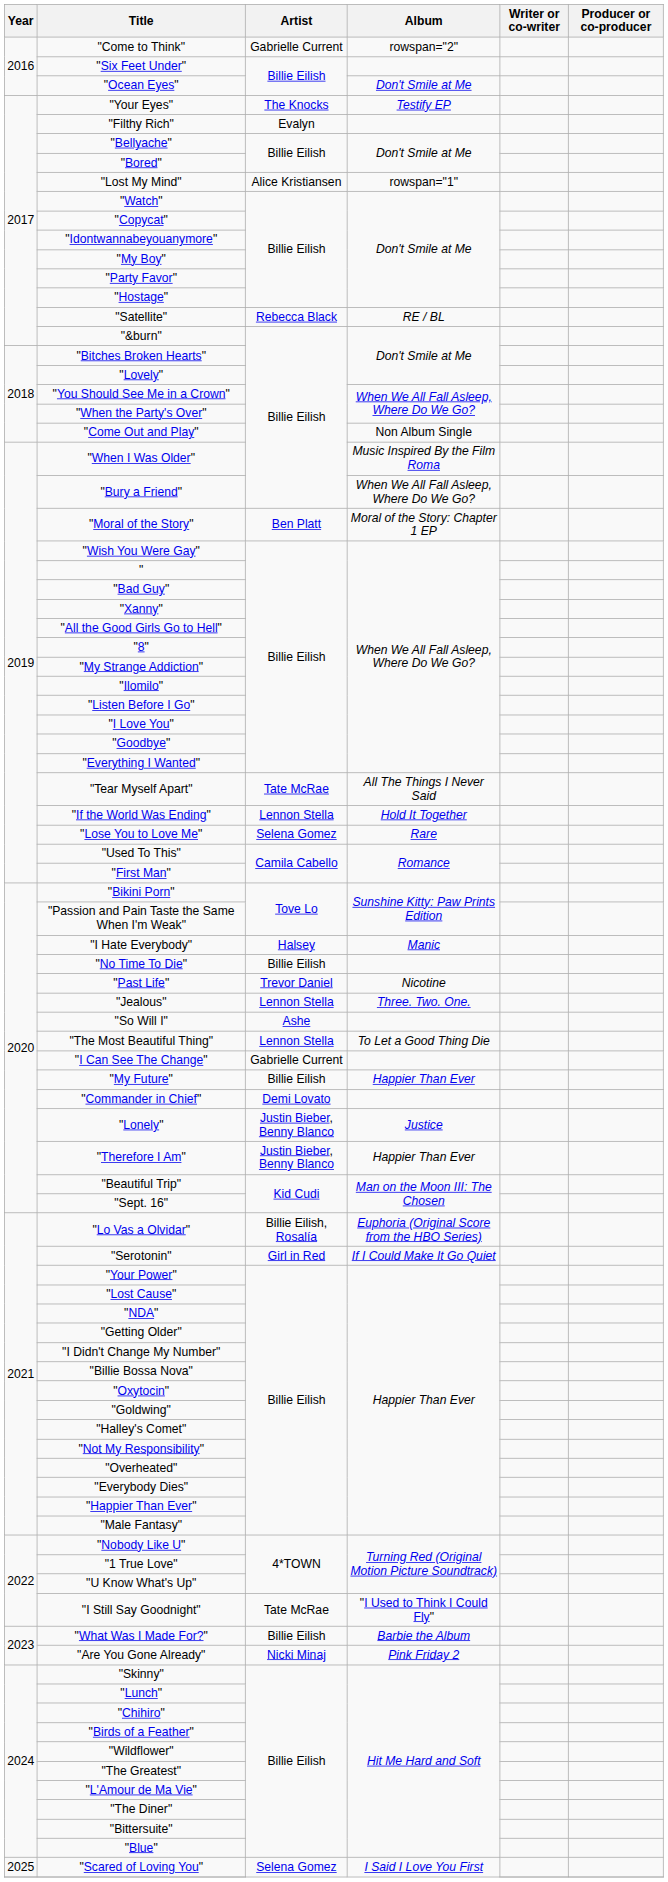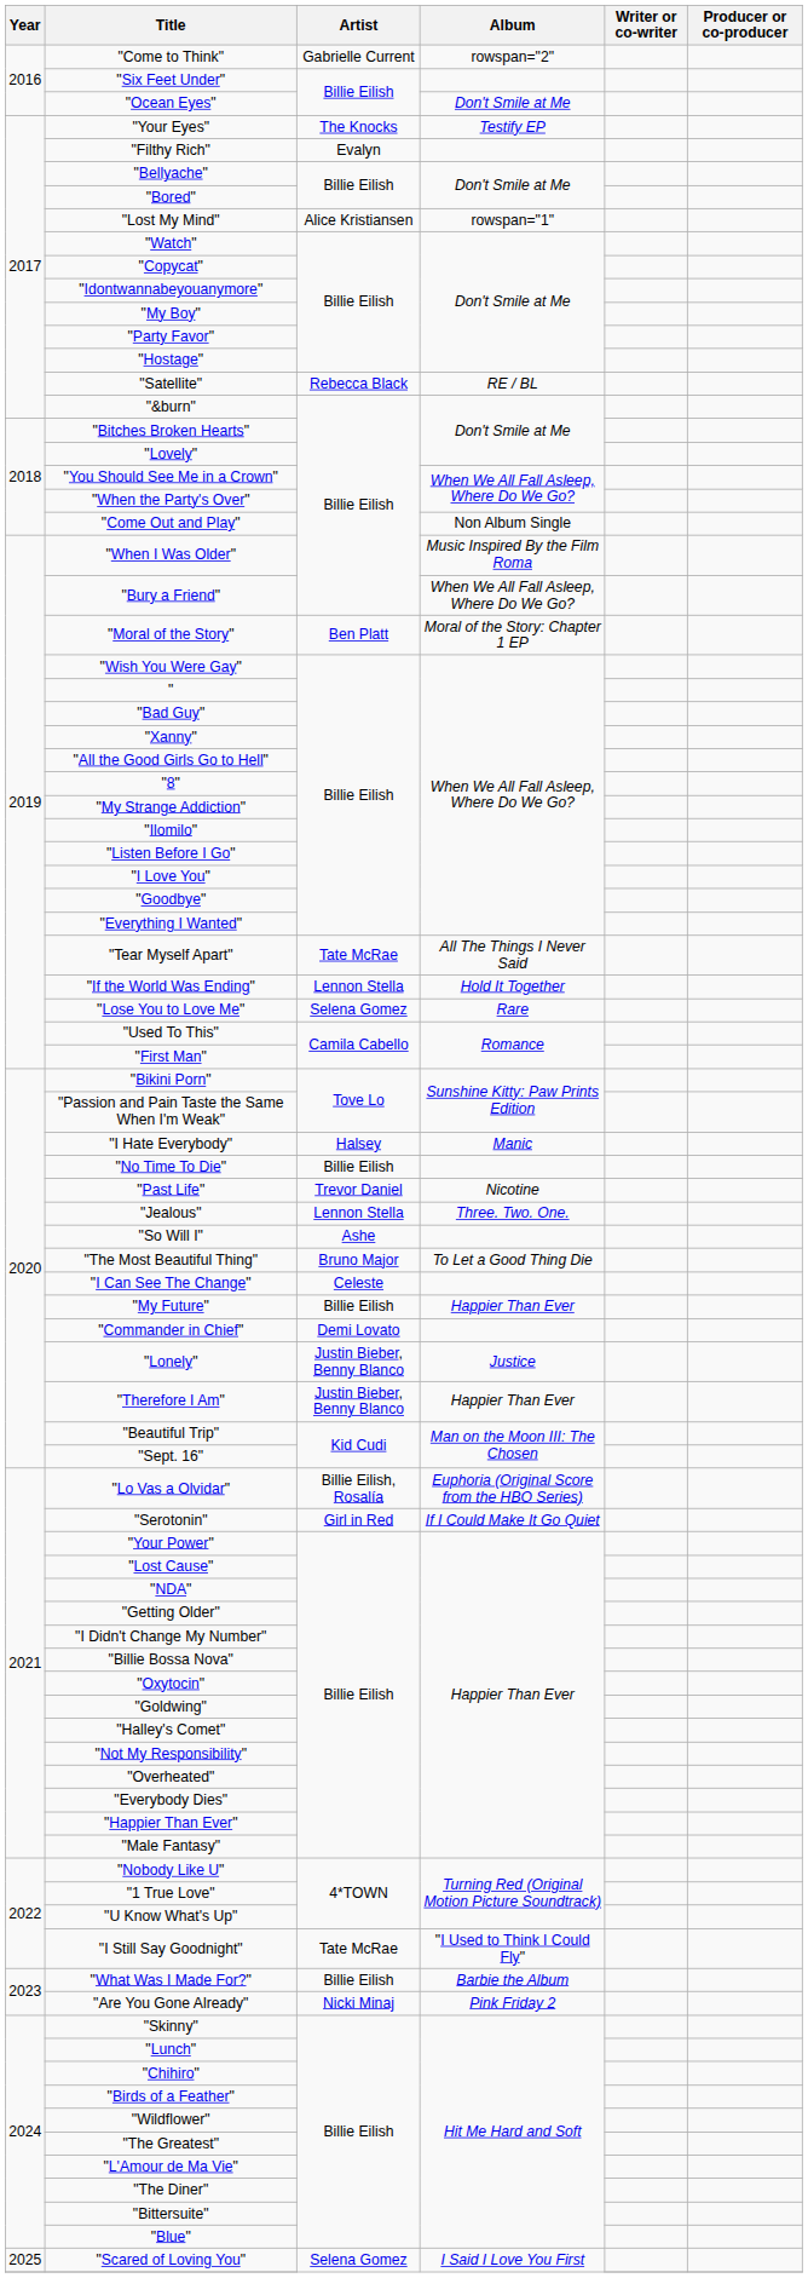 <table class="wikitable plainrowheaders" style="text-align:center;">
 <tr>
 <th>Year</th>
 <th>Title</th>
 <th>Artist</th>
 <th>Album</th>
 <th>Writer or co-writer</th>
 <th>Producer or co-producer</th>
 </tr>
 <tr>
 <td rowspan="3">2016</td>
 <td scope="row">"Come to Think"</td>
 <td>Gabrielle Current</td>
 <td>rowspan="2" </td>
 <td></td>
 <td></td>
 </tr>
 <tr>
 <td scope="row">"<a href='#'>Six Feet Under</a>"</td>
 <td rowspan="2"><a href='#'>Billie Eilish</a></td>
 <td></td>
 <td></td>
 </tr>
 <tr>
 <td scope="row">"<a href='#'>Ocean Eyes</a>"</td>
 <td><em><a href='#'>Don't Smile at Me</a></em></td>
 <td></td>
 <td></td>
 </tr>
 <tr>
 <td rowspan="13">2017</td>
 <td scope="row">"Your Eyes"<br></td>
 <td><a href='#'>The Knocks</a></td>
 <td><em><a href='#'>Testify EP</a></em></td>
 <td></td>
 <td></td>
 </tr>
 <tr>
 <td scope="row">"Filthy Rich"</td>
 <td>Evalyn</td>
 <td></td>
 <td></td>
 <td></td>
 </tr>
 <tr>
 <td scope="row">"<a href='#'>Bellyache</a>"</td>
 <td rowspan="2">Billie Eilish</td>
 <td rowspan="2"><em>Don't Smile at Me</em></td>
 <td></td>
 <td></td>
 </tr>
 <tr>
 <td scope="row">"<a href='#'>Bored</a>"</td>
 <td></td>
 <td></td>
 </tr>
 <tr>
 <td scope="row">"Lost My Mind"</td>
 <td>Alice Kristiansen</td>
 <td>rowspan="1" </td>
 <td></td>
 <td></td>
 </tr>
 <tr>
 <td scope="row">"<a href='#'>Watch</a>"</td>
 <td rowspan="6">Billie Eilish</td>
 <td rowspan="6"><em>Don't Smile at Me</em></td>
 <td></td>
 <td></td>
 </tr>
 <tr>
 <td scope="row">"<a href='#'>Copycat</a>"</td>
 <td></td>
 <td></td>
 </tr>
 <tr>
 <td scope="row">"<a href='#'>Idontwannabeyouanymore</a>"</td>
 <td></td>
 <td></td>
 </tr>
 <tr>
 <td scope="row">"<a href='#'>My Boy</a>"</td>
 <td></td>
 <td></td>
 </tr>
 <tr>
 <td scope="row">"<a href='#'>Party Favor</a>"</td>
 <td></td>
 <td></td>
 </tr>
 <tr>
 <td scope="row">"<a href='#'>Hostage</a>"</td>
 <td></td>
 <td></td>
 </tr>
 <tr>
 <td scope="row">"Satellite"</td>
 <td><a href='#'>Rebecca Black</a></td>
 <td><em>RE / BL</em></td>
 <td></td>
 <td></td>
 </tr>
 <tr>
 <td scope="row">"&burn"<br></td>
 <td rowspan="8">Billie Eilish</td>
 <td rowspan="3"><em>Don't Smile at Me</em></td>
 <td></td>
 <td></td>
 </tr>
 <tr>
 <td rowspan="5">2018</td>
 <td scope="row">"<a href='#'>Bitches Broken Hearts</a>"</td>
 <td></td>
 <td></td>
 </tr>
 <tr>
 <td scope="row">"<a href='#'>Lovely</a>"<br></td>
 <td></td>
 <td></td>
 </tr>
 <tr>
 <td scope="row">"<a href='#'>You Should See Me in a Crown</a>"</td>
 <td rowspan="2"><em><a href='#'>When We All Fall Asleep, Where Do We Go?</a></em></td>
 <td></td>
 <td></td>
 </tr>
 <tr>
 <td scope="row">"<a href='#'>When the Party's Over</a>"</td>
 <td></td>
 <td></td>
 </tr>
 <tr>
 <td scope="row">"<a href='#'>Come Out and Play</a>"</td>
 <td>Non Album Single</td>
 <td></td>
 <td></td>
 </tr>
 <tr>
 <td rowspan="20">2019</td>
 <td scope="row">"<a href='#'>When I Was Older</a>"</td>
 <td><em>Music Inspired By the Film <a href='#'>Roma</a></em></td>
 <td></td>
 <td></td>
 </tr>
 <tr>
 <td scope="row">"<a href='#'>Bury a Friend</a>"</td>
 <td><em>When We All Fall Asleep, Where Do We Go?</em></td>
 <td></td>
 <td></td>
 </tr>
 <tr>
 <td scope="row">"<a href='#'>Moral of the Story</a>"</td>
 <td><a href='#'>Ben Platt</a></td>
 <td><em>Moral of the Story: Chapter 1 EP</em></td>
 <td></td>
 <td></td>
 </tr>
 <tr>
 <td scope="row">"<a href='#'>Wish You Were Gay</a>"</td>
 <td rowspan="12">Billie Eilish</td>
 <td rowspan="12"><em>When We All Fall Asleep, Where Do We Go?</em></td>
 <td></td>
 <td></td>
 </tr>
 <tr>
 <td scope="row">"</td>
 <td></td>
 <td></td>
 </tr>
 <tr>
 <td scope="row">"<a href='#'>Bad Guy</a>"</td>
 <td></td>
 <td></td>
 </tr>
 <tr>
 <td scope="row">"<a href='#'>Xanny</a>"</td>
 <td></td>
 <td></td>
 </tr>
 <tr>
 <td scope="row">"<a href='#'>All the Good Girls Go to Hell</a>"</td>
 <td></td>
 <td></td>
 </tr>
 <tr>
 <td scope="row">"<a href='#'>8</a>"</td>
 <td></td>
 <td></td>
 </tr>
 <tr>
 <td scope="row">"<a href='#'>My Strange Addiction</a>"</td>
 <td></td>
 <td></td>
 </tr>
 <tr>
 <td scope="row">"<a href='#'>Ilomilo</a>"</td>
 <td></td>
 <td></td>
 </tr>
 <tr>
 <td scope="row">"<a href='#'>Listen Before I Go</a>"</td>
 <td></td>
 <td></td>
 </tr>
 <tr>
 <td scope="row">"<a href='#'>I Love You</a>"</td>
 <td></td>
 <td></td>
 </tr>
 <tr>
 <td scope="row">"<a href='#'>Goodbye</a>"</td>
 <td></td>
 <td></td>
 </tr>
 <tr>
 <td>"<a href='#'>Everything I Wanted</a>"</td>
 <td></td>
 <td></td>
 </tr>
 <tr>
 <td>"Tear Myself Apart"</td>
 <td><a href='#'>Tate McRae</a></td>
 <td><em>All The Things I Never Said</em></td>
 <td></td>
 <td></td>
 </tr>
 <tr>
 <td scope="row">"<a href='#'>If the World Was Ending</a>"<br></td>
 <td><a href='#'>Lennon Stella</a></td>
 <td><em><a href='#'>Hold It Together</a></em></td>
 <td></td>
 <td></td>
 </tr>
 <tr>
 <td scope="row">"<a href='#'>Lose You to Love Me</a>"</td>
 <td><a href='#'>Selena Gomez</a></td>
 <td><em><a href='#'>Rare</a></em></td>
 <td></td>
 <td></td>
 </tr>
 <tr>
 <td scope="row">"Used To This"</td>
 <td rowspan="2"><a href='#'>Camila Cabello</a></td>
 <td rowspan="2"><em><a href='#'>Romance</a></em></td>
 <td></td>
 <td></td>
 </tr>
 <tr>
 <td scope="row">"<a href='#'>First Man</a>"</td>
 <td></td>
 <td></td>
 </tr>
 <tr>
 <td rowspan="15">2020</td>
 <td scope="row">"<a href='#'>Bikini Porn</a>"</td>
 <td rowspan="2"><a href='#'>Tove Lo</a></td>
 <td rowspan="2"><em><a href='#'>Sunshine Kitty: Paw Prints Edition</a></em></td>
 <td></td>
 <td></td>
 </tr>
 <tr>
 <td scope="row">"Passion and Pain Taste the Same When I'm Weak"</td>
 <td></td>
 <td></td>
 </tr>
 <tr>
 <td scope="row">"I Hate Everybody"</td>
 <td><a href='#'>Halsey</a></td>
 <td><em><a href='#'>Manic</a></em></td>
 <td></td>
 <td></td>
 </tr>
 <tr>
 <td scope="row">"<a href='#'>No Time To Die</a>"</td>
 <td>Billie Eilish</td>
 <td></td>
 <td></td>
 <td></td>
 </tr>
 <tr>
 <td scope="row">"<a href='#'>Past Life</a>"</td>
 <td><a href='#'>Trevor Daniel</a></td>
 <td><em>Nicotine</em></td>
 <td></td>
 <td></td>
 </tr>
 <tr>
 <td scope="row">"Jealous"</td>
 <td><a href='#'>Lennon Stella</a></td>
 <td><em><a href='#'>Three. Two. One.</a></em></td>
 <td></td>
 <td></td>
 </tr>
 <tr>
 <td>"So Will I"</td>
 <td><a href='#'>Ashe</a></td>
 <td></td>
 <td></td>
 <td></td>
 </tr>
 <tr>
 <td>"The Most Beautiful Thing"</td>
-<td><a href='#'>Lennon Stella</a></td>
+<td><a href='#'>Bruno Major</a></td>
 <td><em>To Let a Good Thing Die</em></td>
 <td></td>
 <td></td>
 </tr>
 <tr>
 <td>"<a href='#'>I Can See The Change</a>"</td>
-<td>Gabrielle Current</td>
+<td><a href='#'>Celeste</a></td>
 <td></td>
 <td></td>
 <td></td>
 </tr>
 <tr>
 <td>"<a href='#'>My Future</a>"</td>
 <td>Billie Eilish</td>
 <td><em><a href='#'>Happier Than Ever</a></em></td>
 <td></td>
 <td></td>
 </tr>
 <tr>
 <td>"<a href='#'>Commander in Chief</a>"</td>
 <td><a href='#'>Demi Lovato</a></td>
 <td></td>
 <td></td>
 <td></td>
 </tr>
 <tr>
 <td>"<a href='#'>Lonely</a>"</td>
 <td><a href='#'>Justin Bieber</a>, <a href='#'>Benny Blanco</a></td>
 <td><em><a href='#'>Justice</a></em></td>
 <td></td>
 <td></td>
 </tr>
 <tr>
 <td>"<a href='#'>Therefore I Am</a>"</td>
 <td><a href='#'>Justin Bieber</a>, <a href='#'>Benny Blanco</a></td>
 <td><em>Happier Than Ever</em></td>
 <td></td>
 <td></td>
 </tr>
 <tr>
 <td>"Beautiful Trip"</td>
 <td rowspan="2"><a href='#'>Kid Cudi</a></td>
 <td rowspan="2"><em><a href='#'>Man on the Moon III: The Chosen</a></em></td>
 <td></td>
 <td></td>
 </tr>
 <tr>
 <td>"Sept. 16"</td>
 <td></td>
 <td></td>
 </tr>
 <tr>
 <td rowspan="16">2021</td>
 <td>"<a href='#'>Lo Vas a Olvidar</a>"</td>
 <td>Billie Eilish, <a href='#'>Rosalía</a></td>
 <td><em><a href='#'>Euphoria (Original Score from the HBO Series)</a></em></td>
 <td></td>
 <td></td>
 </tr>
 <tr>
 <td>"Serotonin"</td>
 <td><a href='#'>Girl in Red</a></td>
 <td><em><a href='#'>If I Could Make It Go Quiet</a></em></td>
 <td></td>
 <td></td>
 </tr>
 <tr>
 <td scope="row">"<a href='#'>Your Power</a>"</td>
 <td rowspan="14">Billie Eilish</td>
 <td rowspan="14"><em>Happier Than Ever</em></td>
 <td></td>
 <td></td>
 </tr>
 <tr>
 <td scope="row">"<a href='#'>Lost Cause</a>"</td>
 <td></td>
 <td></td>
 </tr>
 <tr>
 <td scope="row">"<a href='#'>NDA</a>"</td>
 <td></td>
 <td></td>
 </tr>
 <tr>
 <td scope="row">"Getting Older"</td>
 <td></td>
 <td></td>
 </tr>
 <tr>
 <td scope="row">"I Didn't Change My Number"</td>
 <td></td>
 <td></td>
 </tr>
 <tr>
 <td scope="row">"Billie Bossa Nova"</td>
 <td></td>
 <td></td>
 </tr>
 <tr>
 <td scope="row">"<a href='#'>Oxytocin</a>"</td>
 <td></td>
 <td></td>
 </tr>
 <tr>
 <td scope="row">"Goldwing"</td>
 <td></td>
 <td></td>
 </tr>
 <tr>
 <td scope="row">"Halley's Comet"</td>
 <td></td>
 <td></td>
 </tr>
 <tr>
 <td scope="row">"<a href='#'>Not My Responsibility</a>"</td>
 <td></td>
 <td></td>
 </tr>
 <tr>
 <td scope="row">"Overheated"</td>
 <td></td>
 <td></td>
 </tr>
 <tr>
 <td scope="row">"Everybody Dies"</td>
 <td></td>
 <td></td>
 </tr>
 <tr>
 <td scope="row">"<a href='#'>Happier Than Ever</a>"</td>
 <td></td>
 <td></td>
 </tr>
 <tr>
 <td scope="row">"Male Fantasy"</td>
 <td></td>
 <td></td>
 </tr>
 <tr>
 <td rowspan="4">2022</td>
 <td scope="row">"<a href='#'>Nobody Like U</a>"</td>
 <td rowspan="3">4*TOWN</td>
 <td rowspan="3"><em><a href='#'>Turning Red (Original Motion Picture Soundtrack)</a></em></td>
 <td></td>
 <td></td>
 </tr>
 <tr>
 <td scope="row">"1 True Love"</td>
 <td></td>
 <td></td>
 </tr>
 <tr>
 <td scope="row">"U Know What's Up"</td>
 <td></td>
 <td></td>
 </tr>
 <tr>
 <td scope="row">"I Still Say Goodnight"</td>
 <td rowspan="1">Tate McRae</td>
 <td rowspan="1">"<a href='#'>I Used to Think I Could Fly</a>"</td>
 <td></td>
 <td></td>
 </tr>
 <tr>
 <td rowspan="2">2023</td>
 <td>"<a href='#'>What Was I Made For?</a>"</td>
 <td>Billie Eilish</td>
 <td><em><a href='#'>Barbie the Album</a></em></td>
 <td></td>
 <td></td>
 </tr>
 <tr>
 <td>"Are You Gone Already"</td>
 <td><a href='#'>Nicki Minaj</a></td>
 <td><em><a href='#'>Pink Friday 2</a></em></td>
 <td></td>
 <td></td>
 </tr>
 <tr>
 <td rowspan="10">2024</td>
 <td scope="row">"Skinny"</td>
 <td rowspan="10">Billie Eilish</td>
 <td rowspan="10"><em><a href='#'>Hit Me Hard and Soft</a></em></td>
 <td></td>
 <td></td>
 </tr>
 <tr>
 <td scope="row">"<a href='#'>Lunch</a>"</td>
 <td></td>
 <td></td>
 </tr>
 <tr>
 <td scope="row">"<a href='#'>Chihiro</a>"</td>
 <td></td>
 <td></td>
 </tr>
 <tr>
 <td scope="row">"<a href='#'>Birds of a Feather</a>"</td>
 <td></td>
 <td></td>
 </tr>
 <tr>
 <td scope="row">"Wildflower"</td>
 <td></td>
 <td></td>
 </tr>
 <tr>
 <td scope="row">"The Greatest"</td>
 <td></td>
 <td></td>
 </tr>
 <tr>
 <td scope="row">"<a href='#'>L'Amour de Ma Vie</a>"</td>
 <td></td>
 <td></td>
 </tr>
 <tr>
 <td scope="row">"The Diner"</td>
 <td></td>
 <td></td>
 </tr>
 <tr>
 <td scope="row">"Bittersuite"</td>
 <td></td>
 <td></td>
 </tr>
 <tr>
 <td scope="row">"<a href='#'>Blue</a>"</td>
 <td></td>
 <td></td>
 </tr>
 <tr>
 <td rowspan="1">2025</td>
 <td scope="row">"<a href='#'>Scared of Loving You</a>"</td>
 <td rowspan="10"><a href='#'>Selena Gomez</a></td>
 <td rowspan="10"><em><a href='#'>I Said I Love You First</a></em></td>
 <td></td>
 <td></td>
 </tr>
 <tr>
 </tr>
 </table>
